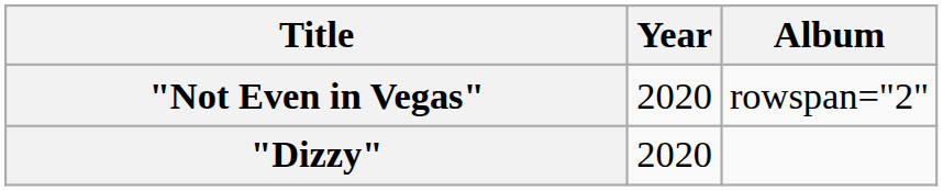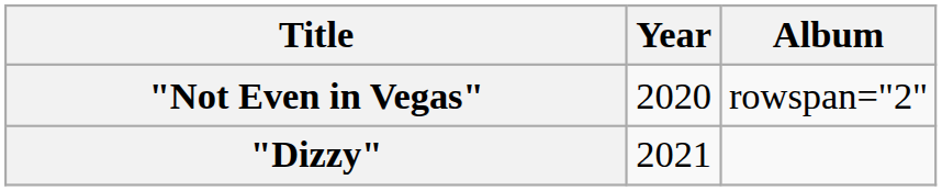 <table class="wikitable plainrowheaders" style="text-align:center;">
 <tr>
 <th scope="col" style="width:16em;">Title</th>
 <th scope="col" style="width:1em;">Year</th>
 <th scope="col">Album</th>
 </tr>
 <tr>
 <th scope="row">"Not Even in Vegas"<br></th>
 <td>2020</td>
 <td>rowspan="2" </td>
 </tr>
 <tr>
 <th scope="row">"Dizzy" <br></th>
-<td>2020</td>
+<td>2021</td>
 </tr>
 </table>
